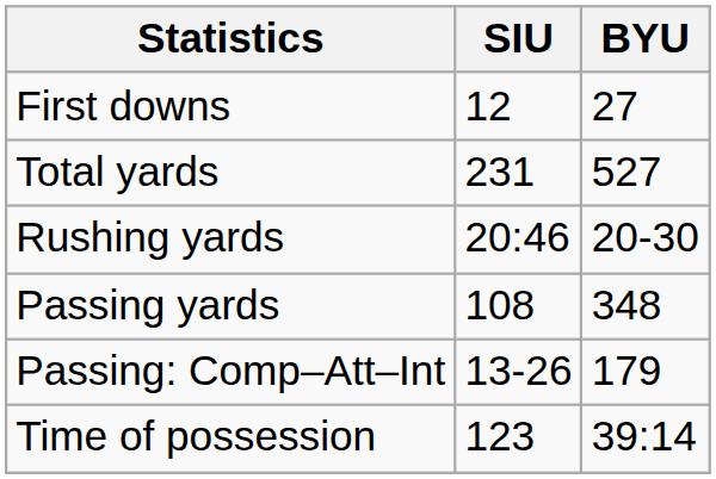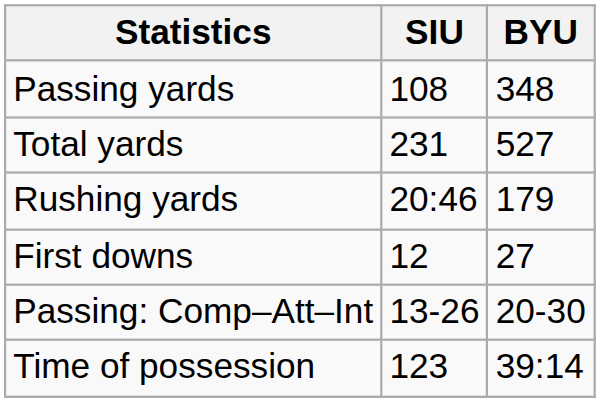 <table class="wikitable" style="float: left;">
 <tr>
 <th>Statistics</th>
 <th>SIU</th>
 <th>BYU</th>
 </tr>
 <tr>
-<td>First downs</td>
-<td>12</td>
-<td>27</td>
+<td>Passing yards</td>
+<td>108</td>
+<td>348</td>
 </tr>
 <tr>
 <td>Total yards</td>
 <td>231</td>
 <td>527</td>
 </tr>
 <tr>
 <td>Rushing yards</td>
 <td>20:46</td>
-<td>20-30</td>
+<td>179</td>
 </tr>
 <tr>
-<td>Passing yards</td>
-<td>108</td>
-<td>348</td>
+<td>First downs</td>
+<td>12</td>
+<td>27</td>
 </tr>
 <tr>
 <td>Passing: Comp–Att–Int</td>
 <td>13-26</td>
-<td>179</td>
+<td>20-30</td>
 </tr>
 <tr>
 <td>Time of possession</td>
 <td>123</td>
 <td>39:14</td>
 </tr>
 <tr>
 </tr>
 </table>
